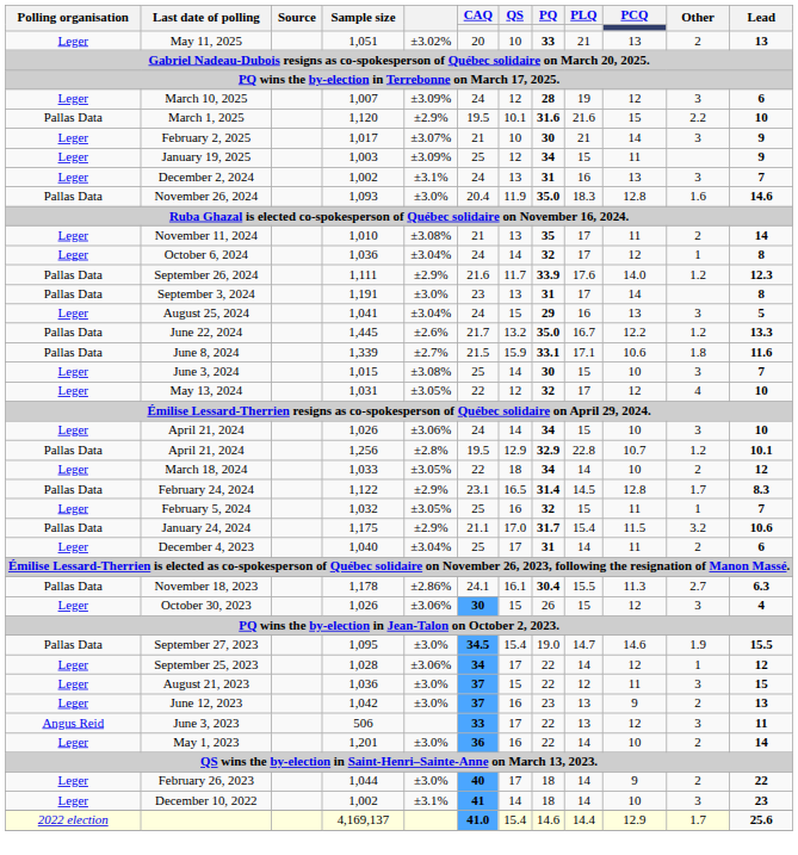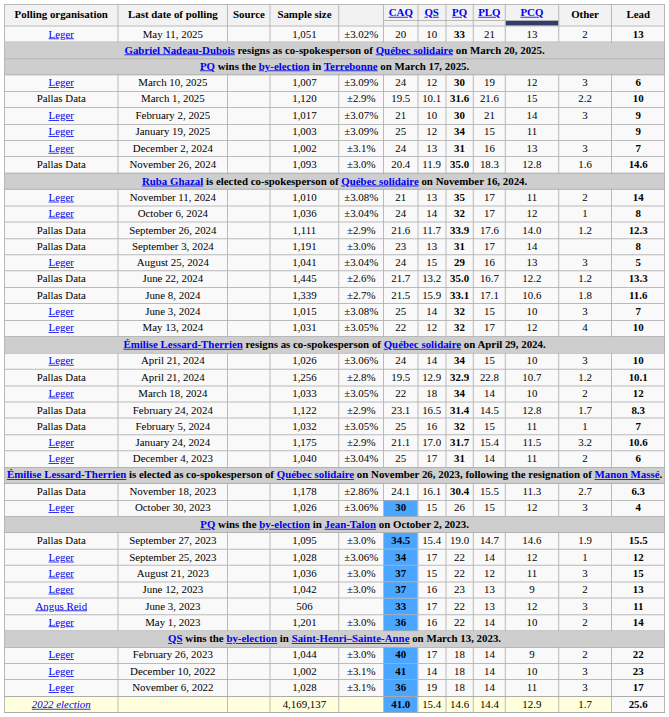 <table class="wikitable sortable mw-datatable" style="text-align:center;font-size:85%;line-height:14px">
 <tr>
 <th rowspan="2">Polling organisation</th>
 <th rowspan="2">Last date of polling</th>
 <th rowspan="2">Source</th>
 <th rowspan="2">Sample size</th>
 <th rowspan="2"></th>
 <th><a href='#'>CAQ</a></th>
 <th><a href='#'>QS</a></th>
 <th><a href='#'>PQ</a></th>
 <th><a href='#'>PLQ</a></th>
 <th><a href='#'>PCQ</a></th>
 <th style="width:60px;" rowspan="2">Other</th>
 <th style="width:60px;" rowspan="2">Lead</th>
 </tr>
 <tr class="sorttop">
 <th style="background-color:"></th>
 <th style="background-color:"></th>
 <th style="background-color:"></th>
 <th style="background-color:"></th>
 <th style="background-color:#313E6B; width:60px;"></th>
 </tr>
 <tr>
 <td><a href='#'>Leger</a></td>
 <td>May 11, 2025</td>
 <td></td>
 <td>1,051</td>
 <td>±3.02%</td>
 <td>20</td>
 <td>10</td>
 <td style="background-color:"><strong>33</strong></td>
 <td>21</td>
 <td>13</td>
 <td>2</td>
 <td style="background-color:"><strong>13</strong></td>
 </tr>
 <tr>
 <td colspan="12" align="center" style="background-color:#CECECE;"><strong><a href='#'>Gabriel Nadeau-Dubois</a> resigns as co-spokesperson of <a href='#'>Québec solidaire</a> on March 20, 2025.</strong></td>
 </tr>
 <tr>
 <td colspan="12" align="center" style="background-color:#CECECE;"><strong><a href='#'>PQ</a> wins the <a href='#'>by-election</a> in <a href='#'>Terrebonne</a> on March 17, 2025.</strong></td>
 </tr>
 <tr>
 <td><a href='#'>Leger</a></td>
 <td>March 10, 2025</td>
 <td></td>
 <td>1,007</td>
 <td>±3.09%</td>
 <td>24</td>
 <td>12</td>
-<td style="background-color:"><strong>28</strong></td>
+<td style="background-color:"><strong>30</strong></td>
 <td>19</td>
 <td>12</td>
 <td>3</td>
 <td style="background-color:"><strong>6</strong></td>
 </tr>
 <tr>
 <td>Pallas Data</td>
 <td>March 1, 2025</td>
 <td></td>
 <td>1,120</td>
 <td>±2.9%</td>
 <td>19.5</td>
 <td>10.1</td>
 <td style="background-color:"><strong>31.6</strong></td>
 <td>21.6</td>
 <td>15</td>
 <td>2.2</td>
 <td style="background-color:"><strong>10</strong></td>
 </tr>
 <tr>
 <td><a href='#'>Leger</a></td>
 <td>February 2, 2025</td>
 <td></td>
 <td>1,017</td>
 <td>±3.07%</td>
 <td>21</td>
 <td>10</td>
 <td style="background-color:"><strong>30</strong></td>
 <td>21</td>
 <td>14</td>
 <td>3</td>
 <td style="background-color:"><strong>9</strong></td>
 </tr>
 <tr>
 <td><a href='#'>Leger</a></td>
 <td>January 19, 2025</td>
 <td></td>
 <td>1,003</td>
 <td>±3.09%</td>
 <td>25</td>
 <td>12</td>
 <td style="background-color:"><strong>34</strong></td>
 <td>15</td>
 <td>11</td>
 <td></td>
 <td style="background-color:"><strong>9</strong></td>
 </tr>
 <tr>
 <td><a href='#'>Leger</a></td>
 <td>December 2, 2024</td>
 <td></td>
 <td>1,002</td>
 <td>±3.1%</td>
 <td>24</td>
 <td>13</td>
 <td style="background-color:"><strong>31</strong></td>
 <td>16</td>
 <td>13</td>
 <td>3</td>
 <td style="background-color:"><strong>7</strong></td>
 </tr>
 <tr>
 <td>Pallas Data</td>
 <td>November 26, 2024</td>
 <td></td>
 <td>1,093</td>
 <td>±3.0%</td>
 <td>20.4</td>
 <td>11.9</td>
 <td style="background-color:"><strong>35.0</strong></td>
 <td>18.3</td>
 <td>12.8</td>
 <td>1.6</td>
 <td style="background-color:"><strong>14.6</strong></td>
 </tr>
 <tr>
 <td colspan="12" align="center" style="background-color:#CECECE;"><strong><a href='#'>Ruba Ghazal</a> is elected co-spokesperson of <a href='#'>Québec solidaire</a> on November 16, 2024.</strong></td>
 </tr>
 <tr>
 <td><a href='#'>Leger</a></td>
 <td>November 11, 2024</td>
 <td></td>
 <td>1,010</td>
 <td>±3.08%</td>
 <td>21</td>
 <td>13</td>
 <td style="background-color:"><strong>35</strong></td>
 <td>17</td>
 <td>11</td>
 <td>2</td>
 <td style="background-color:"><strong>14</strong></td>
 </tr>
 <tr>
 <td><a href='#'>Leger</a></td>
 <td>October 6, 2024</td>
 <td></td>
 <td>1,036</td>
 <td>±3.04%</td>
 <td>24</td>
 <td>14</td>
 <td style="background-color:"><strong>32</strong></td>
 <td>17</td>
 <td>12</td>
 <td>1</td>
 <td style="background-color:"><strong>8</strong></td>
 </tr>
 <tr>
 <td>Pallas Data</td>
 <td>September 26, 2024</td>
 <td></td>
 <td>1,111</td>
 <td>±2.9%</td>
 <td>21.6</td>
 <td>11.7</td>
 <td style="background-color:"><strong>33.9</strong></td>
 <td>17.6</td>
 <td>14.0</td>
 <td>1.2</td>
 <td style="background-color:"><strong>12.3</strong></td>
 </tr>
 <tr>
 <td>Pallas Data</td>
 <td>September 3, 2024</td>
 <td></td>
 <td>1,191</td>
 <td>±3.0%</td>
 <td>23</td>
 <td>13</td>
 <td style="background-color:"><strong>31</strong></td>
 <td>17</td>
 <td>14</td>
 <td></td>
 <td style="background-color:"><strong>8</strong></td>
 </tr>
 <tr>
 <td><a href='#'>Leger</a></td>
 <td>August 25, 2024</td>
 <td></td>
 <td>1,041</td>
 <td>±3.04%</td>
 <td>24</td>
 <td>15</td>
 <td style="background-color:"><strong>29</strong></td>
 <td>16</td>
 <td>13</td>
 <td>3</td>
 <td style="background-color:"><strong>5</strong></td>
 </tr>
 <tr>
 <td>Pallas Data</td>
 <td>June 22, 2024</td>
 <td></td>
 <td>1,445</td>
 <td>±2.6%</td>
 <td>21.7</td>
 <td>13.2</td>
 <td style="background-color:"><strong>35.0</strong></td>
 <td>16.7</td>
 <td>12.2</td>
 <td>1.2</td>
 <td style="background-color:"><strong>13.3</strong></td>
 </tr>
 <tr>
 <td>Pallas Data</td>
 <td>June 8, 2024</td>
 <td></td>
 <td>1,339</td>
 <td>±2.7%</td>
 <td>21.5</td>
 <td>15.9</td>
 <td style="background-color:"><strong>33.1</strong></td>
 <td>17.1</td>
 <td>10.6</td>
 <td>1.8</td>
 <td style="background-color:"><strong>11.6</strong></td>
 </tr>
 <tr>
 <td><a href='#'>Leger</a></td>
 <td>June 3, 2024</td>
 <td></td>
 <td>1,015</td>
 <td>±3.08%</td>
 <td>25</td>
 <td>14</td>
-<td style="background-color:"><strong>30</strong></td>
+<td style="background-color:"><strong>32</strong></td>
 <td>15</td>
 <td>10</td>
 <td>3</td>
 <td style="background-color:"><strong>7</strong></td>
 </tr>
 <tr>
 <td><a href='#'>Leger</a></td>
 <td>May 13, 2024</td>
 <td></td>
 <td>1,031</td>
 <td>±3.05%</td>
 <td>22</td>
 <td>12</td>
 <td style="background-color:"><strong>32</strong></td>
 <td>17</td>
 <td>12</td>
 <td>4</td>
 <td style="background-color:"><strong>10</strong></td>
 </tr>
 <tr>
 <td colspan="12" align="center" style="background-color:#CECECE;"><strong><a href='#'>Émilise Lessard-Therrien</a> resigns as co-spokesperson of <a href='#'>Québec solidaire</a> on April 29, 2024.</strong></td>
 </tr>
 <tr>
 <td><a href='#'>Leger</a></td>
 <td>April 21, 2024</td>
 <td></td>
 <td>1,026</td>
 <td>±3.06%</td>
 <td>24</td>
 <td>14</td>
 <td style="background-color:"><strong>34</strong></td>
 <td>15</td>
 <td>10</td>
 <td>3</td>
 <td style="background-color:"><strong>10</strong></td>
 </tr>
 <tr>
 <td>Pallas Data</td>
 <td>April 21, 2024</td>
 <td></td>
 <td>1,256</td>
 <td>±2.8%</td>
 <td>19.5</td>
 <td>12.9</td>
 <td style="background-color:"><strong>32.9</strong></td>
 <td>22.8</td>
 <td>10.7</td>
 <td>1.2</td>
 <td style="background-color:"><strong>10.1</strong></td>
 </tr>
 <tr>
 <td><a href='#'>Leger</a></td>
 <td>March 18, 2024</td>
 <td></td>
 <td>1,033</td>
 <td>±3.05%</td>
 <td>22</td>
 <td>18</td>
 <td style="background-color:"><strong>34</strong></td>
 <td>14</td>
 <td>10</td>
 <td>2</td>
 <td style="background-color:"><strong>12</strong></td>
 </tr>
 <tr>
 <td>Pallas Data</td>
 <td>February 24, 2024</td>
 <td></td>
 <td>1,122</td>
 <td>±2.9%</td>
 <td>23.1</td>
 <td>16.5</td>
 <td style="background-color:"><strong>31.4</strong></td>
 <td>14.5</td>
 <td>12.8</td>
 <td>1.7</td>
 <td style="background-color:"><strong>8.3</strong></td>
 </tr>
 <tr>
-<td><a href='#'>Leger</a></td>
+<td>Pallas Data</td>
 <td>February 5, 2024</td>
 <td></td>
 <td>1,032</td>
 <td>±3.05%</td>
 <td>25</td>
 <td>16</td>
 <td style="background-color:"><strong>32</strong></td>
 <td>15</td>
 <td>11</td>
 <td>1</td>
 <td style="background-color:"><strong>7</strong></td>
 </tr>
 <tr>
-<td>Pallas Data</td>
+<td><a href='#'>Leger</a></td>
 <td>January 24, 2024</td>
 <td></td>
 <td>1,175</td>
 <td>±2.9%</td>
 <td>21.1</td>
 <td>17.0</td>
 <td style="background-color:"><strong>31.7</strong></td>
 <td>15.4</td>
 <td>11.5</td>
 <td>3.2</td>
 <td style="background-color:"><strong>10.6</strong></td>
 </tr>
 <tr>
 <td><a href='#'>Leger</a></td>
 <td>December 4, 2023</td>
 <td></td>
 <td>1,040</td>
 <td>±3.04%</td>
 <td>25</td>
 <td>17</td>
 <td style="background-color:"><strong>31</strong></td>
 <td>14</td>
 <td>11</td>
 <td>2</td>
 <td style="background-color:"><strong>6</strong></td>
 </tr>
 <tr>
 <td colspan="12" align="center" style="background-color:#CECECE;"><strong><a href='#'>Émilise Lessard-Therrien</a> is elected as co-spokesperson of <a href='#'>Québec solidaire</a> on November 26, 2023, following the resignation of <a href='#'>Manon Massé</a>.</strong></td>
 </tr>
 <tr>
 <td>Pallas Data</td>
 <td>November 18, 2023</td>
 <td></td>
 <td>1,178</td>
 <td>±2.86%</td>
 <td>24.1</td>
 <td>16.1</td>
 <td style="background-color:"><strong>30.4</strong></td>
 <td>15.5</td>
 <td>11.3</td>
 <td>2.7</td>
 <td style="background-color:"><strong>6.3</strong></td>
 </tr>
 <tr>
 <td><a href='#'>Leger</a></td>
 <td>October 30, 2023</td>
 <td></td>
 <td>1,026</td>
 <td>±3.06%</td>
 <td style="background-color:#4BA6FF"><strong>30</strong></td>
 <td>15</td>
 <td>26</td>
 <td>15</td>
 <td>12</td>
 <td>3</td>
 <td style="background-color:"><strong>4</strong></td>
 </tr>
 <tr>
 <td colspan="12" align="center" style="background-color:#CECECE;"><strong><a href='#'>PQ</a> wins the <a href='#'>by-election</a> in <a href='#'>Jean-Talon</a> on October 2, 2023.</strong></td>
 </tr>
 <tr>
 <td>Pallas Data</td>
 <td>September 27, 2023</td>
 <td></td>
 <td>1,095</td>
 <td>±3.0%</td>
 <td style="background-color:#4BA6FF"><strong>34.5</strong></td>
 <td>15.4</td>
 <td>19.0</td>
 <td>14.7</td>
 <td>14.6</td>
 <td>1.9</td>
 <td style="background-color:"><strong>15.5</strong></td>
 </tr>
 <tr>
 <td><a href='#'>Leger</a></td>
 <td>September 25, 2023</td>
 <td></td>
 <td>1,028</td>
 <td>±3.06%</td>
 <td style="background-color:#4BA6FF"><strong>34</strong></td>
 <td>17</td>
 <td>22</td>
 <td>14</td>
 <td>12</td>
 <td>1</td>
 <td style="background-color:"><strong>12</strong></td>
 </tr>
 <tr>
 <td><a href='#'>Leger</a></td>
 <td>August 21, 2023</td>
 <td></td>
 <td>1,036</td>
 <td>±3.0%</td>
 <td style="background-color:#4BA6FF"><strong>37</strong></td>
 <td>15</td>
 <td>22</td>
 <td>12</td>
 <td>11</td>
 <td>3</td>
 <td style="background-color:"><strong>15</strong></td>
 </tr>
 <tr>
 <td><a href='#'>Leger</a></td>
 <td>June 12, 2023</td>
 <td></td>
 <td>1,042</td>
 <td>±3.0%</td>
 <td style="background-color:#4BA6FF"><strong>37</strong></td>
 <td>16</td>
 <td>23</td>
 <td>13</td>
 <td>9</td>
 <td>2</td>
 <td style="background-color:"><strong>13</strong></td>
 </tr>
 <tr>
 <td><a href='#'>Angus Reid</a></td>
 <td>June 3, 2023</td>
 <td></td>
 <td>506</td>
 <td></td>
 <td style="background-color:#4BA6FF"><strong>33</strong></td>
 <td>17</td>
 <td>22</td>
 <td>13</td>
 <td>12</td>
 <td>3</td>
 <td style="background-color:"><strong>11</strong></td>
 </tr>
 <tr>
 <td><a href='#'>Leger</a></td>
 <td>May 1, 2023</td>
 <td></td>
 <td>1,201</td>
 <td>±3.0%</td>
 <td style="background-color:#4BA6FF"><strong>36</strong></td>
 <td>16</td>
 <td>22</td>
 <td>14</td>
 <td>10</td>
 <td>2</td>
 <td style="background-color:"><strong>14</strong></td>
 </tr>
 <tr>
 <td colspan="12" align="center" style="background-color:#CECECE;"><strong><a href='#'>QS</a> wins the <a href='#'>by-election</a> in <a href='#'>Saint-Henri–Sainte-Anne</a> on March 13, 2023.</strong></td>
 </tr>
 <tr>
 <td><a href='#'>Leger</a></td>
 <td>February 26, 2023</td>
 <td></td>
 <td>1,044</td>
 <td>±3.0%</td>
 <td style="background-color:#4BA6FF"><strong>40</strong></td>
 <td>17</td>
 <td>18</td>
 <td>14</td>
 <td>9</td>
 <td>2</td>
 <td style="background-color:"><strong>22</strong></td>
 </tr>
 <tr>
 <td><a href='#'>Leger</a></td>
 <td>December 10, 2022</td>
 <td></td>
 <td>1,002</td>
 <td>±3.1%</td>
 <td style="background-color:#4BA6FF"><strong>41</strong></td>
 <td>14</td>
 <td>18</td>
 <td>14</td>
 <td>10</td>
 <td>3</td>
 <td style="background-color:"><strong>23</strong></td>
 </tr>
 <tr>
+<td><a href='#'>Leger</a></td>
+<td>November 6, 2022</td>
+<td></td>
+<td>1,028</td>
+<td>±3.1%</td>
+<td style="background-color:#4BA6FF"><strong>36</strong></td>
+<td>19</td>
+<td>18</td>
+<td>14</td>
+<td>11</td>
+<td>3</td>
+<td style="background-color:"><strong>17</strong></td>
+</tr>
+<tr>
 </tr>
 <tr>
 <td style="background:#ffd;"><em><a href='#'>2022 election</a></em></td>
 <td style="background:#ffd;"></td>
 <td style="background:#ffd;"></td>
 <td style="background:#ffd;">4,169,137</td>
 <td style="background:#ffd;"></td>
 <td style="background-color:#4BA6FF"><strong>41.0</strong></td>
 <td style="background:#ffd;">15.4</td>
 <td style="background:#ffd;">14.6</td>
 <td style="background:#ffd;">14.4</td>
 <td style="background:#ffd;">12.9</td>
 <td style="background:#ffd;">1.7</td>
 <td style="background:"><strong>25.6</strong></td>
 </tr>
 <tr>
 </tr>
 </table>
